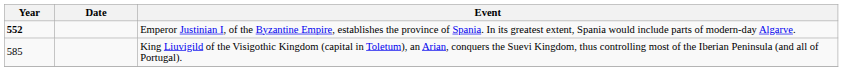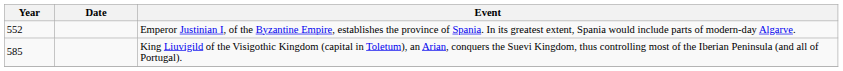 <table class="wikitable" width="100%">
 <tr>
 <th style="width:6%">Year</th>
 <th style="width:10%">Date</th>
 <th>Event</th>
 </tr>
 <tr>
-<td><strong>552</strong></td>
+<td>552</td>
 <td></td>
 <td>Emperor <a href='#'>Justinian I</a>, of the <a href='#'>Byzantine Empire</a>, establishes the province of <a href='#'>Spania</a>. In its greatest extent, Spania would include parts of modern-day <a href='#'>Algarve</a>.</td>
 </tr>
 <tr>
 <td>585</td>
 <td></td>
 <td>King <a href='#'>Liuvigild</a> of the Visigothic Kingdom (capital in <a href='#'>Toletum</a>), an <a href='#'>Arian</a>, conquers the Suevi Kingdom, thus controlling most of the Iberian Peninsula (and all of Portugal).</td>
 </tr>
 <tr>
 </tr>
 </table>
